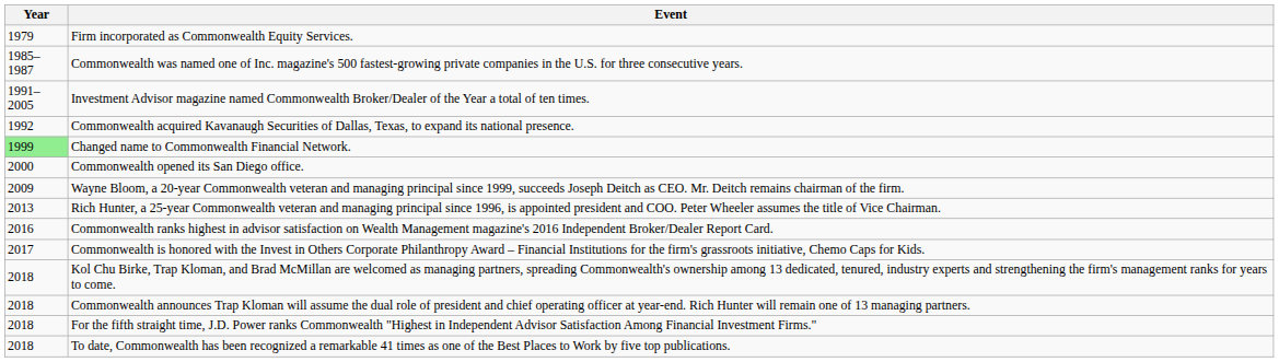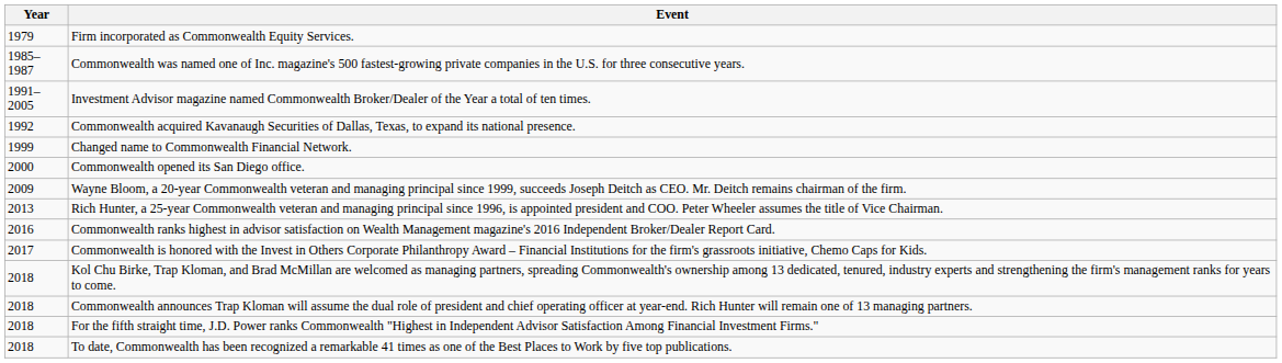 <table class="wikitable">
 <tr>
 <th>Year</th>
 <th>Event</th>
 </tr>
 <tr>
 <td>1979</td>
 <td>Firm incorporated as Commonwealth Equity Services.</td>
 </tr>
 <tr>
 <td>1985–1987</td>
 <td>Commonwealth was named one of Inc. magazine's 500 fastest-growing private companies in the U.S. for three consecutive years.</td>
 </tr>
 <tr>
 <td>1991–2005</td>
 <td>Investment Advisor magazine named Commonwealth Broker/Dealer of the Year a total of ten times.</td>
 </tr>
 <tr>
 <td>1992</td>
 <td>Commonwealth acquired Kavanaugh Securities of Dallas, Texas, to expand its national presence.</td>
 </tr>
 <tr>
-<td style="background: lightgreen;">1999</td>
+<td>1999</td>
 <td>Changed name to Commonwealth Financial Network.</td>
 </tr>
 <tr>
 <td>2000</td>
 <td>Commonwealth opened its San Diego office.</td>
 </tr>
 <tr>
 <td>2009</td>
 <td>Wayne Bloom, a 20-year Commonwealth veteran and managing principal since 1999, succeeds Joseph Deitch as CEO. Mr. Deitch remains chairman of the firm.</td>
 </tr>
 <tr>
 <td>2013</td>
 <td>Rich Hunter, a 25-year Commonwealth veteran and managing principal since 1996, is appointed president and COO. Peter Wheeler assumes the title of Vice Chairman.</td>
 </tr>
 <tr>
 <td>2016</td>
 <td>Commonwealth ranks highest in advisor satisfaction on Wealth Management magazine's 2016 Independent Broker/Dealer Report Card.</td>
 </tr>
 <tr>
 <td>2017</td>
 <td>Commonwealth is honored with the Invest in Others Corporate Philanthropy Award – Financial Institutions for the firm's grassroots initiative, Chemo Caps for Kids.</td>
 </tr>
 <tr>
 <td>2018</td>
 <td>Kol Chu Birke, Trap Kloman, and Brad McMillan are welcomed as managing partners, spreading Commonwealth's ownership among 13 dedicated, tenured, industry experts and strengthening the firm's management ranks for years to come.</td>
 </tr>
 <tr>
 <td>2018</td>
 <td>Commonwealth announces Trap Kloman will assume the dual role of president and chief operating officer at year-end. Rich Hunter will remain one of 13 managing partners.</td>
 </tr>
 <tr>
 <td>2018</td>
 <td>For the fifth straight time, J.D. Power ranks Commonwealth "Highest in Independent Advisor Satisfaction Among Financial Investment Firms."</td>
 </tr>
 <tr>
 <td>2018</td>
 <td>To date, Commonwealth has been recognized a remarkable 41 times as one of the Best Places to Work by five top publications.</td>
 </tr>
 </table>
